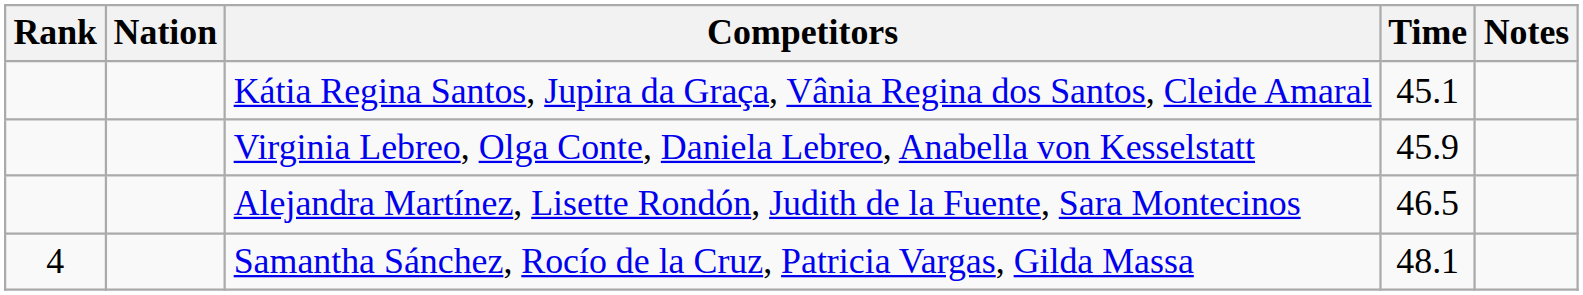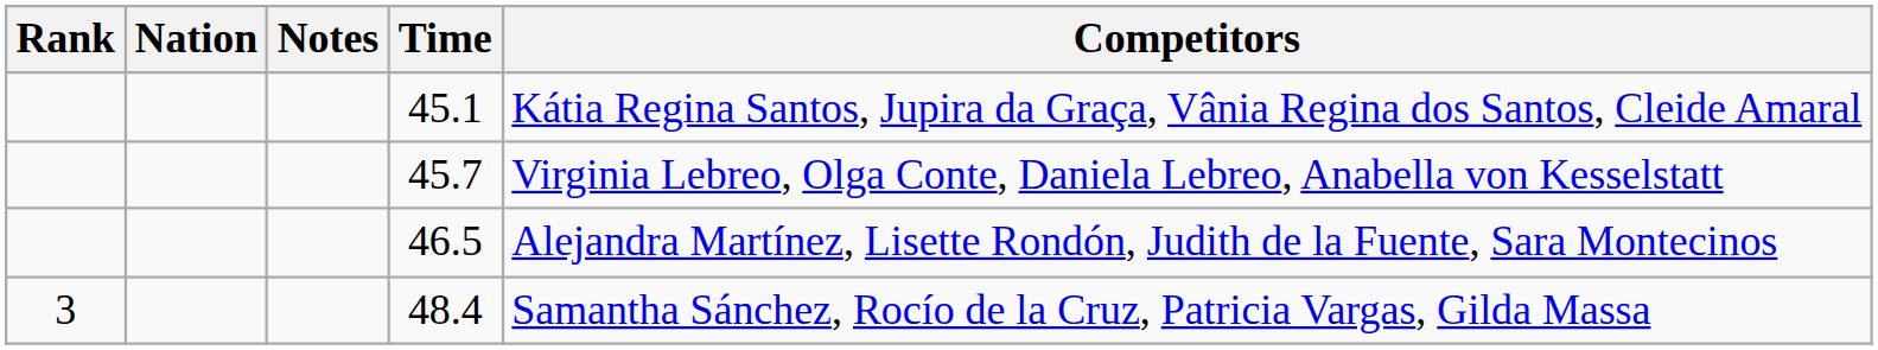 <table class="wikitable sortable" style="text-align:center">
 <tr>
 <th>Rank</th>
 <th>Nation</th>
+<th>Notes</th>
+<th>Time</th>
 <th>Competitors</th>
-<th>Time</th>
-<th>Notes</th>
 </tr>
 <tr>
 <td></td>
 <td align=left></td>
+<td></td>
+<td>45.1</td>
 <td align=left><a href='#'>Kátia Regina Santos</a>, <a href='#'>Jupira da Graça</a>, <a href='#'>Vânia Regina dos Santos</a>, <a href='#'>Cleide Amaral</a></td>
-<td>45.1</td>
-<td></td>
 </tr>
 <tr>
 <td></td>
 <td align=left></td>
+<td></td>
+<td>45.7</td>
 <td align=left><a href='#'>Virginia Lebreo</a>, <a href='#'>Olga Conte</a>, <a href='#'>Daniela Lebreo</a>, <a href='#'>Anabella von Kesselstatt</a></td>
-<td>45.9</td>
-<td></td>
 </tr>
 <tr>
 <td></td>
 <td align=left></td>
+<td></td>
+<td>46.5</td>
 <td align=left><a href='#'>Alejandra Martínez</a>, <a href='#'>Lisette Rondón</a>, <a href='#'>Judith de la Fuente</a>, <a href='#'>Sara Montecinos</a></td>
-<td>46.5</td>
-<td></td>
 </tr>
 <tr>
-<td>4</td>
+<td>3</td>
 <td align=left></td>
+<td></td>
+<td>48.4</td>
 <td align=left><a href='#'>Samantha Sánchez</a>, <a href='#'>Rocío de la Cruz</a>, <a href='#'>Patricia Vargas</a>, <a href='#'>Gilda Massa</a></td>
-<td>48.1</td>
-<td></td>
 </tr>
 </table>
